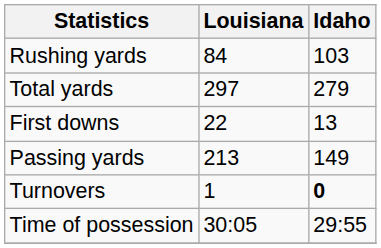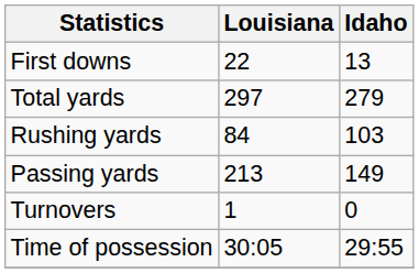 <table class="wikitable">
 <tr>
 <th>Statistics</th>
 <th>Louisiana</th>
 <th>Idaho</th>
 </tr>
 <tr>
-<td>Rushing yards</td>
-<td>84</td>
-<td>103</td>
+<td>First downs</td>
+<td>22</td>
+<td>13</td>
 </tr>
 <tr>
 <td>Total yards</td>
 <td>297</td>
 <td>279</td>
 </tr>
 <tr>
-<td>First downs</td>
-<td>22</td>
-<td>13</td>
+<td>Rushing yards</td>
+<td>84</td>
+<td>103</td>
 </tr>
 <tr>
 <td>Passing yards</td>
 <td>213</td>
 <td>149</td>
 </tr>
 <tr>
 <td>Turnovers</td>
 <td>1</td>
-<td><strong>0</strong></td>
+<td>0</td>
 </tr>
 <tr>
 <td>Time of possession</td>
 <td>30:05</td>
 <td>29:55</td>
 </tr>
 <tr>
 </tr>
 </table>
